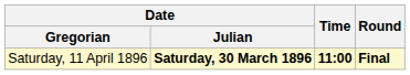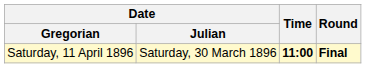 <table class="wikitable">
 <tr>
 <th colspan=2>Date</th>
 <th rowspan=2>Time</th>
 <th rowspan=2>Round</th>
 </tr>
 <tr>
 <th>Gregorian</th>
 <th>Julian</th>
 </tr>
 <tr style=background:lemonchiffon>
 <td>Saturday, 11 April 1896</td>
-<td><strong>Saturday, 30 March 1896</strong></td>
+<td>Saturday, 30 March 1896</td>
 <td><strong>11:00</strong></td>
 <td><strong>Final</strong></td>
 </tr>
 </table>
